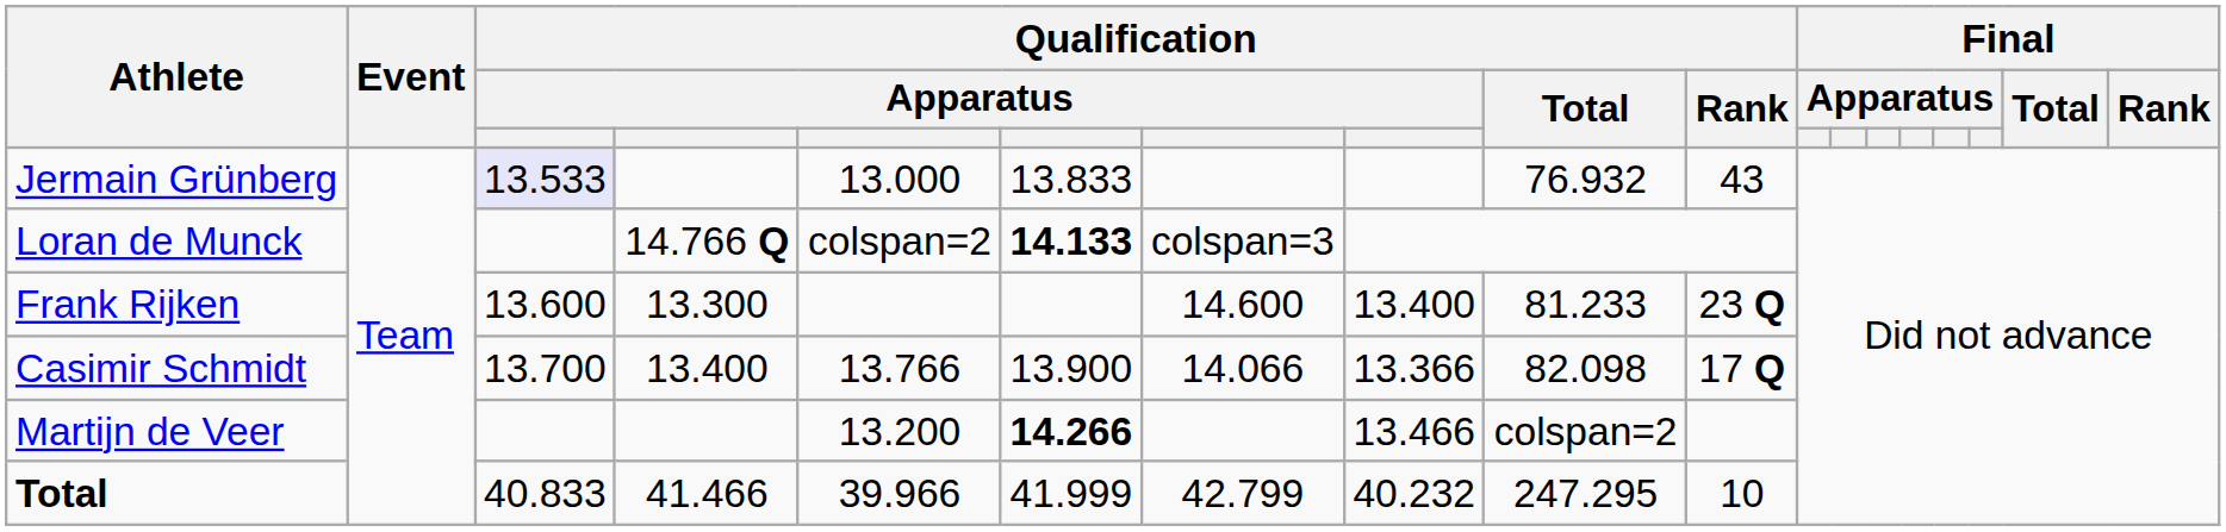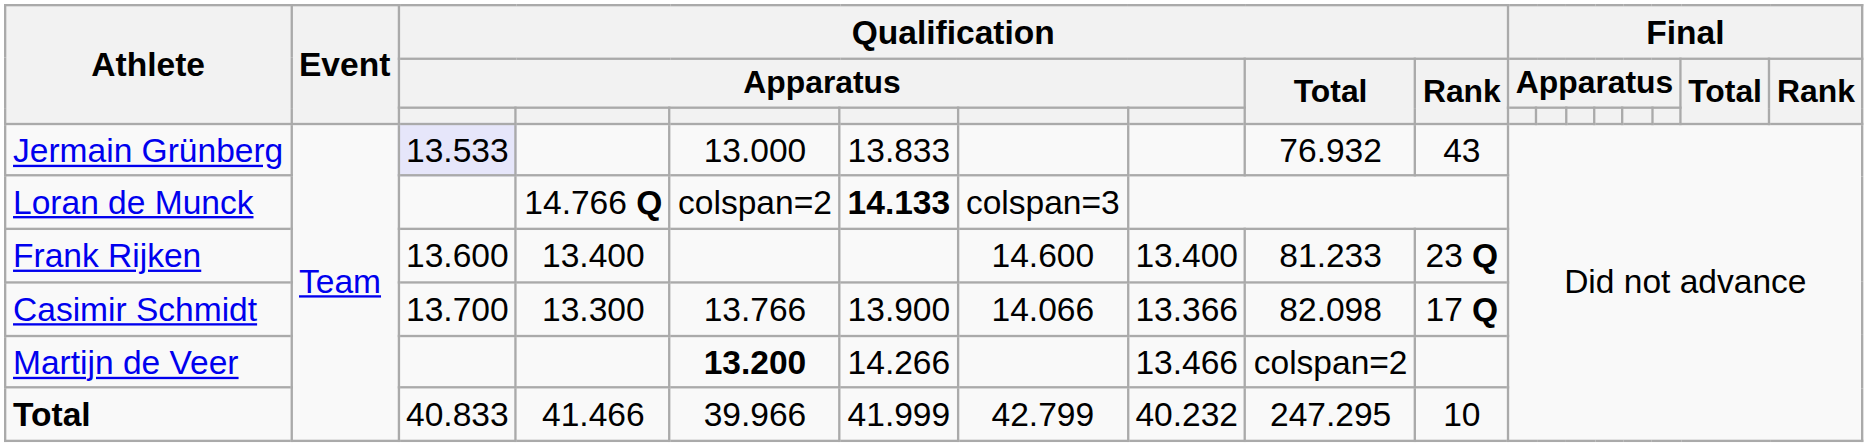 <table class="wikitable" style="font-size:90%">
 <tr>
 <th rowspan=3>Athlete</th>
 <th rowspan=3>Event</th>
 <th colspan =8>Qualification</th>
 <th colspan =8>Final</th>
 </tr>
 <tr style="font-size:95%">
 <th colspan=6>Apparatus</th>
 <th rowspan=2>Total</th>
 <th rowspan=2>Rank</th>
 <th colspan=6>Apparatus</th>
 <th rowspan=2>Total</th>
 <th rowspan=2>Rank</th>
 </tr>
 <tr style="font-size:95%">
 <th></th>
 <th></th>
 <th></th>
 <th></th>
 <th></th>
 <th></th>
 <th></th>
 <th></th>
 <th></th>
 <th></th>
 <th></th>
 <th></th>
 </tr>
 <tr align=center>
 <td align=left><a href='#'>Jermain Grünberg</a></td>
 <td align=left rowspan=6><a href='#'>Team</a></td>
 <td style="background: lavender;">13.533</td>
 <td></td>
 <td>13.000</td>
 <td>13.833</td>
 <td></td>
 <td></td>
 <td>76.932</td>
 <td>43</td>
 <td rowspan=6 colspan=8>Did not advance</td>
 </tr>
 <tr align=center>
 <td align=left><a href='#'>Loran de Munck</a></td>
 <td></td>
 <td>14.766 <strong>Q</strong></td>
 <td>colspan=2 </td>
 <td><strong>14.133</strong></td>
 <td>colspan=3 </td>
 </tr>
 <tr align=center>
 <td align=left><a href='#'>Frank Rijken</a></td>
 <td>13.600</td>
-<td>13.300</td>
+<td>13.400</td>
 <td></td>
 <td></td>
 <td>14.600</td>
 <td>13.400</td>
 <td>81.233</td>
 <td>23 <strong>Q</strong></td>
 </tr>
 <tr align=center>
 <td align=left><a href='#'>Casimir Schmidt</a></td>
 <td>13.700</td>
-<td>13.400</td>
+<td>13.300</td>
 <td>13.766</td>
 <td>13.900</td>
 <td>14.066</td>
 <td>13.366</td>
 <td>82.098</td>
 <td>17 <strong>Q</strong></td>
 </tr>
 <tr align=center>
 <td align=left><a href='#'>Martijn de Veer</a></td>
 <td></td>
 <td></td>
-<td>13.200</td>
-<td><strong>14.266</strong></td>
+<td><strong>13.200</strong></td>
+<td>14.266</td>
 <td></td>
 <td>13.466</td>
 <td>colspan=2 </td>
 </tr>
 <tr align=center>
 <td align=left><strong>Total</strong></td>
 <td>40.833</td>
 <td>41.466</td>
 <td>39.966</td>
 <td>41.999</td>
 <td>42.799</td>
 <td>40.232</td>
 <td>247.295</td>
 <td>10</td>
 </tr>
 </table>
